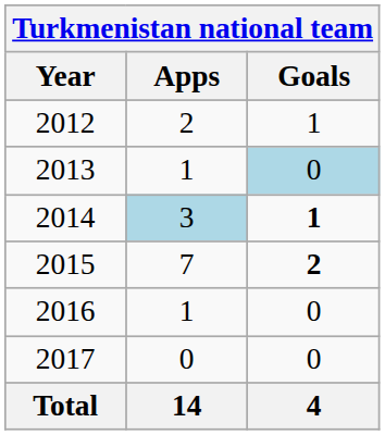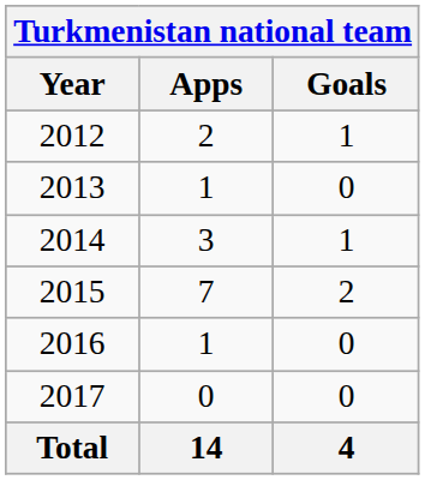 <table class="wikitable" style="text-align:center">
 <tr>
 <th colspan=3><a href='#'>Turkmenistan national team</a></th>
 </tr>
 <tr>
 <th>Year</th>
 <th>Apps</th>
 <th>Goals</th>
 </tr>
 <tr>
 <td>2012</td>
 <td>2</td>
 <td>1</td>
 </tr>
 <tr>
 <td>2013</td>
 <td>1</td>
-<td style="background: lightblue;">0</td>
+<td>0</td>
 </tr>
 <tr>
 <td>2014</td>
-<td style="background: lightblue;">3</td>
-<td><strong>1</strong></td>
+<td>3</td>
+<td>1</td>
 </tr>
 <tr>
 <td>2015</td>
 <td>7</td>
-<td><strong>2</strong></td>
+<td>2</td>
 </tr>
 <tr>
 <td>2016</td>
 <td>1</td>
 <td>0</td>
 </tr>
 <tr>
 <td>2017</td>
 <td>0</td>
 <td>0</td>
 </tr>
 <tr>
 <th>Total</th>
 <th>14</th>
 <th>4</th>
 </tr>
 </table>
